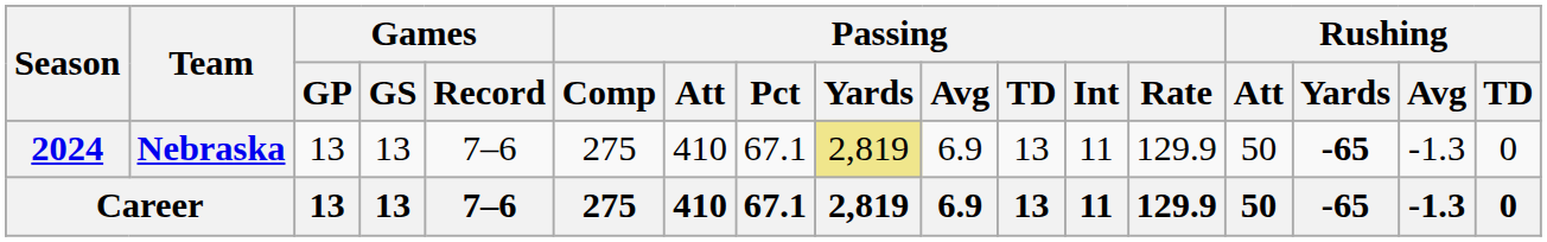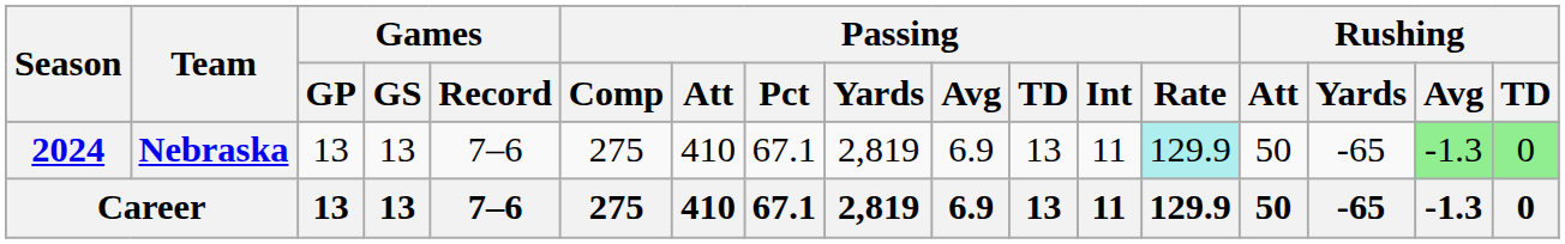 <table class="wikitable" style="text-align:center;">
 <tr>
 <th rowspan="2">Season</th>
 <th rowspan="2">Team</th>
 <th colspan="3">Games</th>
 <th colspan="8">Passing</th>
 <th colspan="5">Rushing</th>
 </tr>
 <tr>
 <th>GP</th>
 <th>GS</th>
 <th>Record</th>
 <th>Comp</th>
 <th>Att</th>
 <th>Pct</th>
 <th>Yards</th>
 <th>Avg</th>
 <th>TD</th>
 <th>Int</th>
 <th>Rate</th>
 <th>Att</th>
 <th>Yards</th>
 <th>Avg</th>
 <th>TD</th>
 </tr>
 <tr>
 <th><a href='#'>2024</a></th>
 <th><a href='#'>Nebraska</a></th>
 <td>13</td>
 <td>13</td>
 <td>7–6</td>
 <td>275</td>
 <td>410</td>
 <td>67.1</td>
-<td style="background: khaki;">2,819</td>
+<td>2,819</td>
 <td>6.9</td>
 <td>13</td>
 <td>11</td>
-<td>129.9</td>
+<td style="background: paleturquoise;">129.9</td>
 <td>50</td>
-<td><strong>-65</strong></td>
-<td>-1.3</td>
-<td>0</td>
+<td>-65</td>
+<td style="background: lightgreen;">-1.3</td>
+<td style="background: lightgreen;">0</td>
 </tr>
 <tr>
 <th colspan="2">Career</th>
 <th>13</th>
 <th>13</th>
 <th>7–6</th>
 <th>275</th>
 <th>410</th>
 <th>67.1</th>
 <th>2,819</th>
 <th>6.9</th>
 <th>13</th>
 <th>11</th>
 <th>129.9</th>
 <th>50</th>
 <th>-65</th>
 <th>-1.3</th>
 <th>0</th>
 </tr>
 </table>
